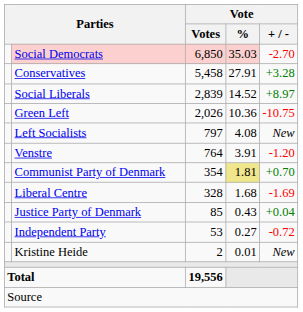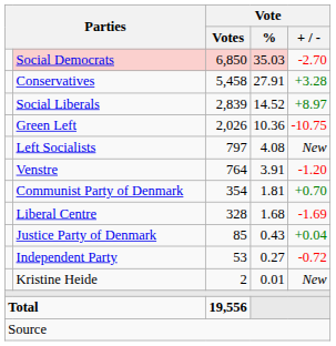 <table class="wikitable" style="text-align:right;">
 <tr>
 <th style="text-align:centre;" rowspan="2" colspan="2" width="225">Parties</th>
 <th colspan="3">Vote</th>
 </tr>
 <tr>
 <th width="15">Votes</th>
 <th width="15">%</th>
 <th width="15">+ / -</th>
 </tr>
 <tr>
 <td width="2" style="color:inherit;background:"></td>
 <td bgcolor=#fbd0ce  align="left"><a href='#'>Social Democrats</a></td>
 <td bgcolor=#fbd0ce>6,850</td>
 <td bgcolor=#fbd0ce>35.03</td>
 <td style=color:red;>-2.70</td>
 </tr>
 <tr>
 <td width="2" style="color:inherit;background:"></td>
 <td align="left"><a href='#'>Conservatives</a></td>
 <td>5,458</td>
 <td>27.91</td>
 <td style=color:green;>+3.28</td>
 </tr>
 <tr>
 <td width="2" style="color:inherit;background:"></td>
 <td align="left"><a href='#'>Social Liberals</a></td>
 <td>2,839</td>
 <td>14.52</td>
 <td style=color:green;>+8.97</td>
 </tr>
 <tr>
 <td width="2" style="color:inherit;background:"></td>
 <td align="left"><a href='#'>Green Left</a></td>
 <td>2,026</td>
 <td>10.36</td>
 <td style=color:red;>-10.75</td>
 </tr>
 <tr>
 <td width="2" style="color:inherit;background:"></td>
 <td align="left"><a href='#'>Left Socialists</a></td>
 <td>797</td>
 <td>4.08</td>
 <td><em>New</em></td>
 </tr>
 <tr>
 <td width="2" style="color:inherit;background:"></td>
 <td align="left"><a href='#'>Venstre</a></td>
 <td>764</td>
 <td>3.91</td>
 <td style=color:red;>-1.20</td>
 </tr>
 <tr>
 <td width="2" style="color:inherit;background:"></td>
 <td align="left"><a href='#'>Communist Party of Denmark</a></td>
 <td>354</td>
-<td style="background: khaki;">1.81</td>
+<td>1.81</td>
 <td style=color:green;>+0.70</td>
 </tr>
 <tr>
 <td width="2" style="color:inherit;background:"></td>
 <td align="left"><a href='#'>Liberal Centre</a></td>
 <td>328</td>
 <td>1.68</td>
 <td style=color:red;>-1.69</td>
 </tr>
 <tr>
 <td width="2" style="color:inherit;background:"></td>
 <td align="left"><a href='#'>Justice Party of Denmark</a></td>
 <td>85</td>
 <td>0.43</td>
 <td style=color:green;>+0.04</td>
 </tr>
 <tr>
 <td width="2" style="color:inherit;background:"></td>
 <td align="left"><a href='#'>Independent Party</a></td>
 <td>53</td>
 <td>0.27</td>
 <td style=color:red;>-0.72</td>
 </tr>
 <tr>
 <td width="2" style="color:inherit;background:"></td>
 <td align="left">Kristine Heide</td>
 <td>2</td>
 <td>0.01</td>
 <td><em>New</em></td>
 </tr>
 <tr>
 <td colspan="7" bgcolor="#E9E9E9"></td>
 </tr>
 <tr>
 <td align="left" colspan="2"><strong>Total</strong></td>
 <td><strong>19,556</strong></td>
 <td bgcolor="#E9E9E9" colspan="2"></td>
 </tr>
 <tr>
 <td align="left" colspan="6">Source</td>
 </tr>
 </table>
